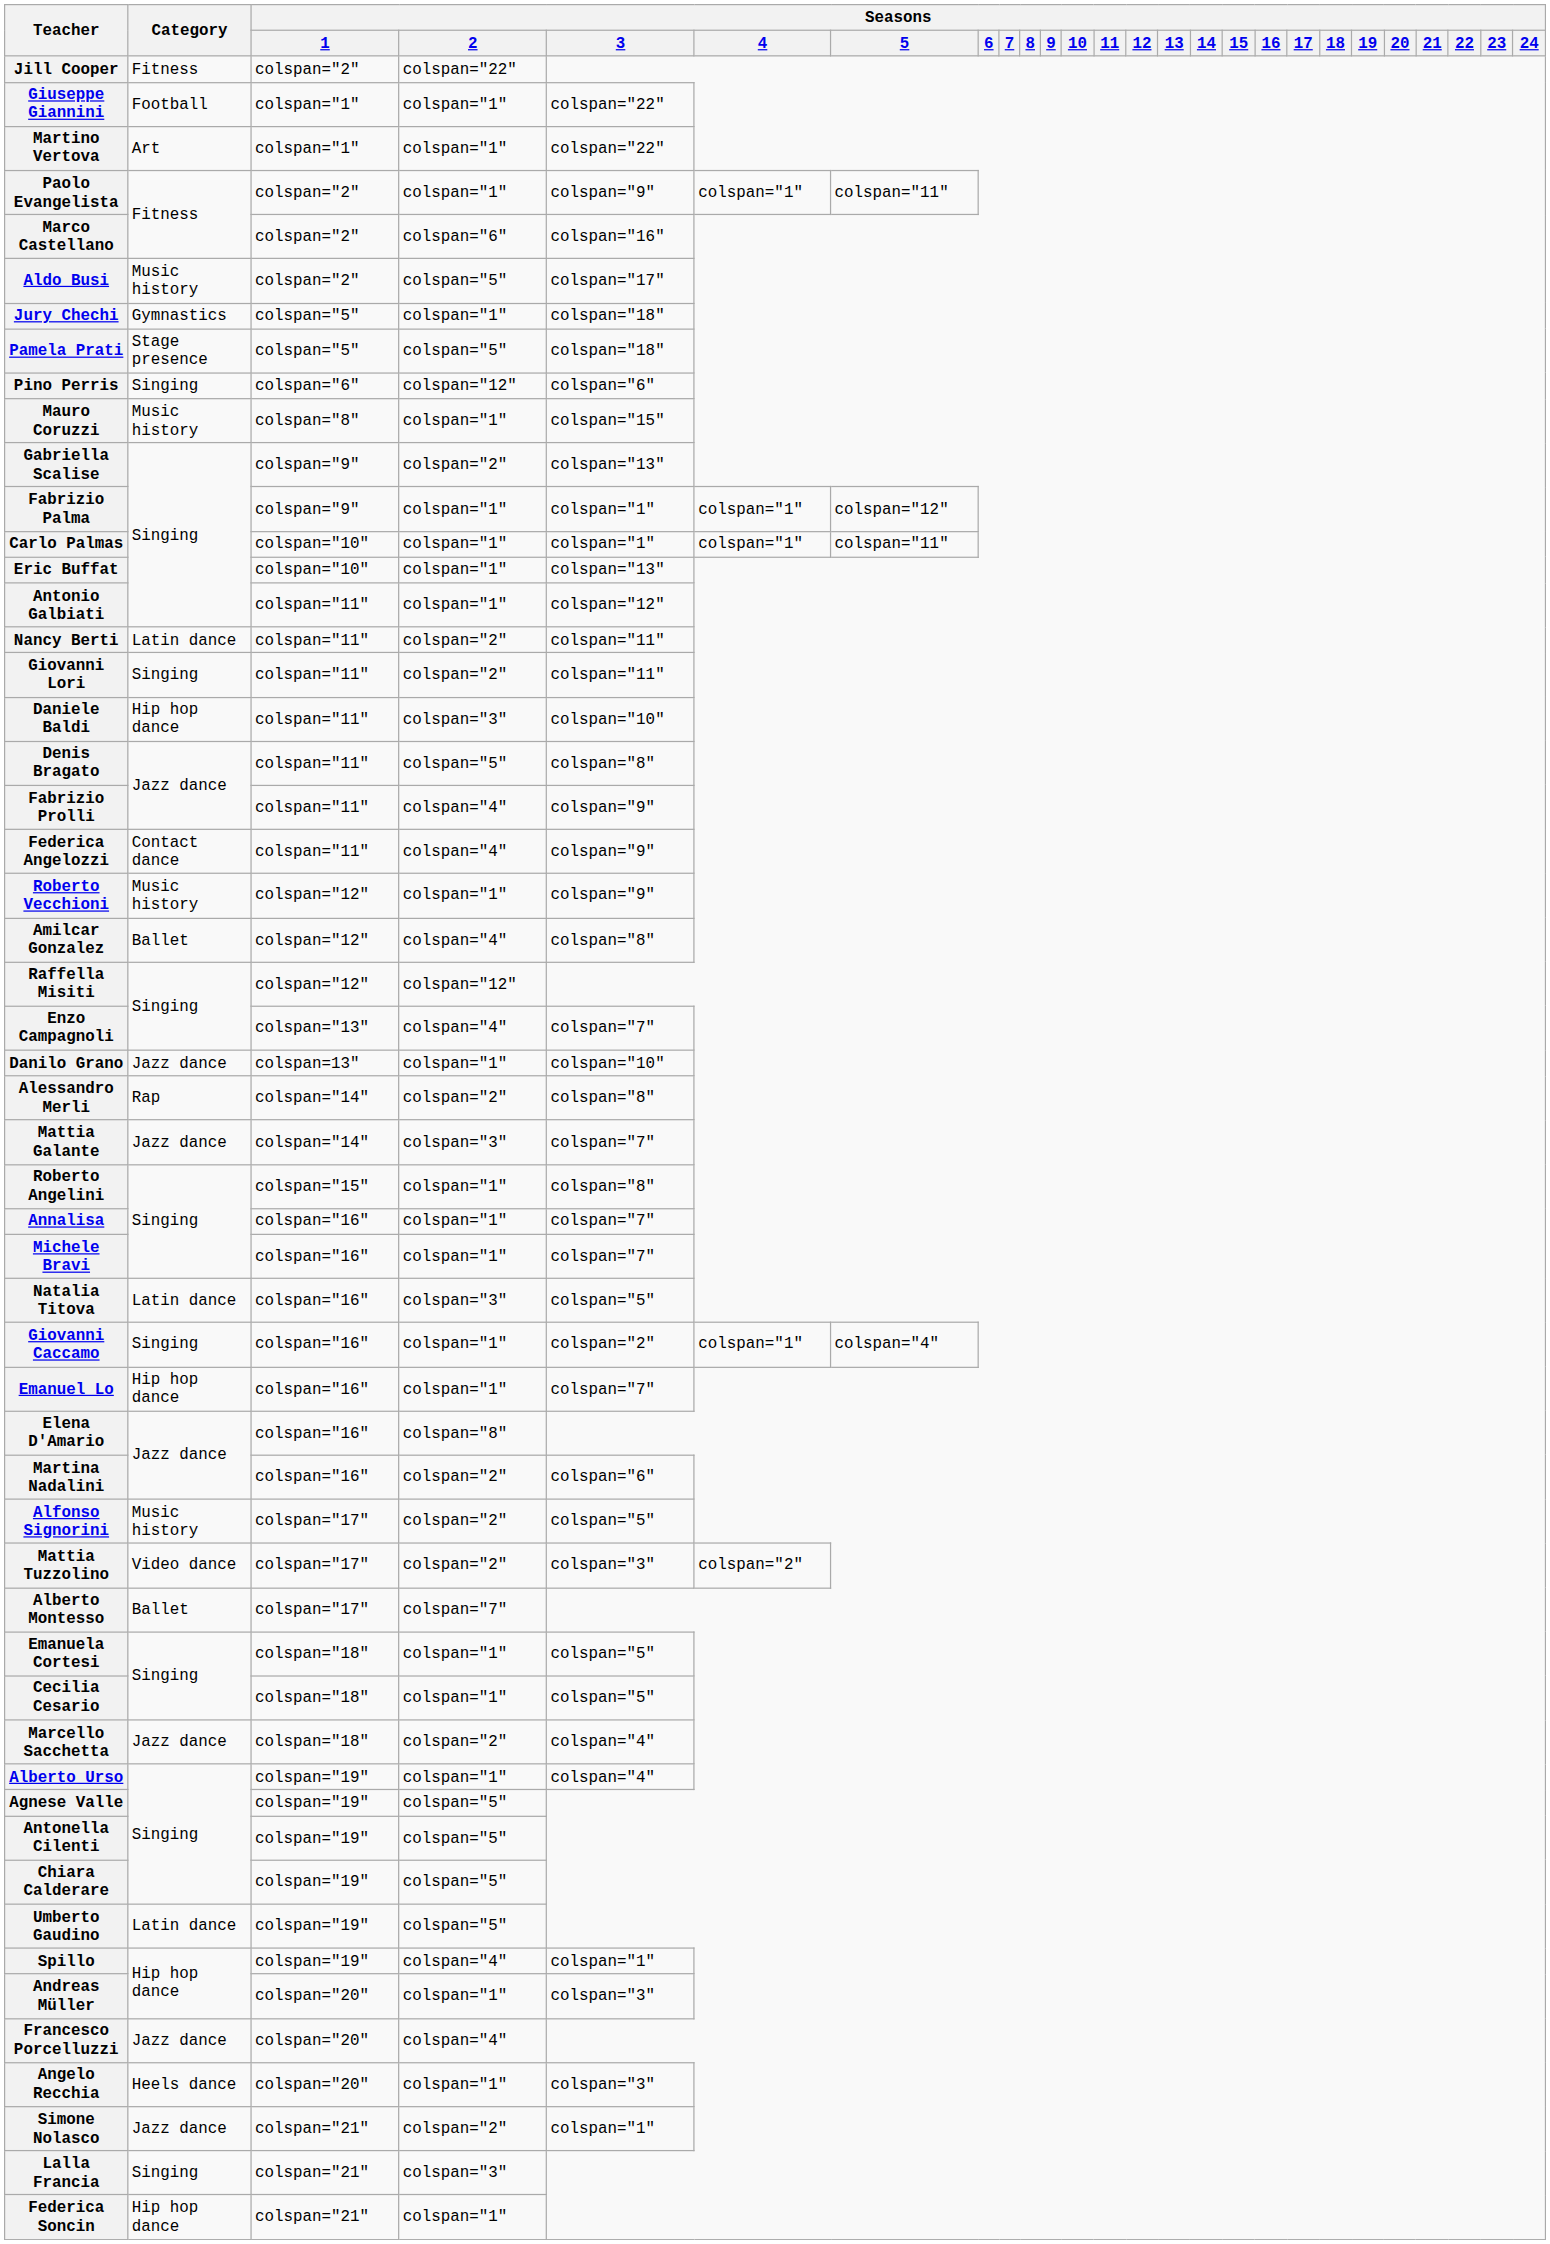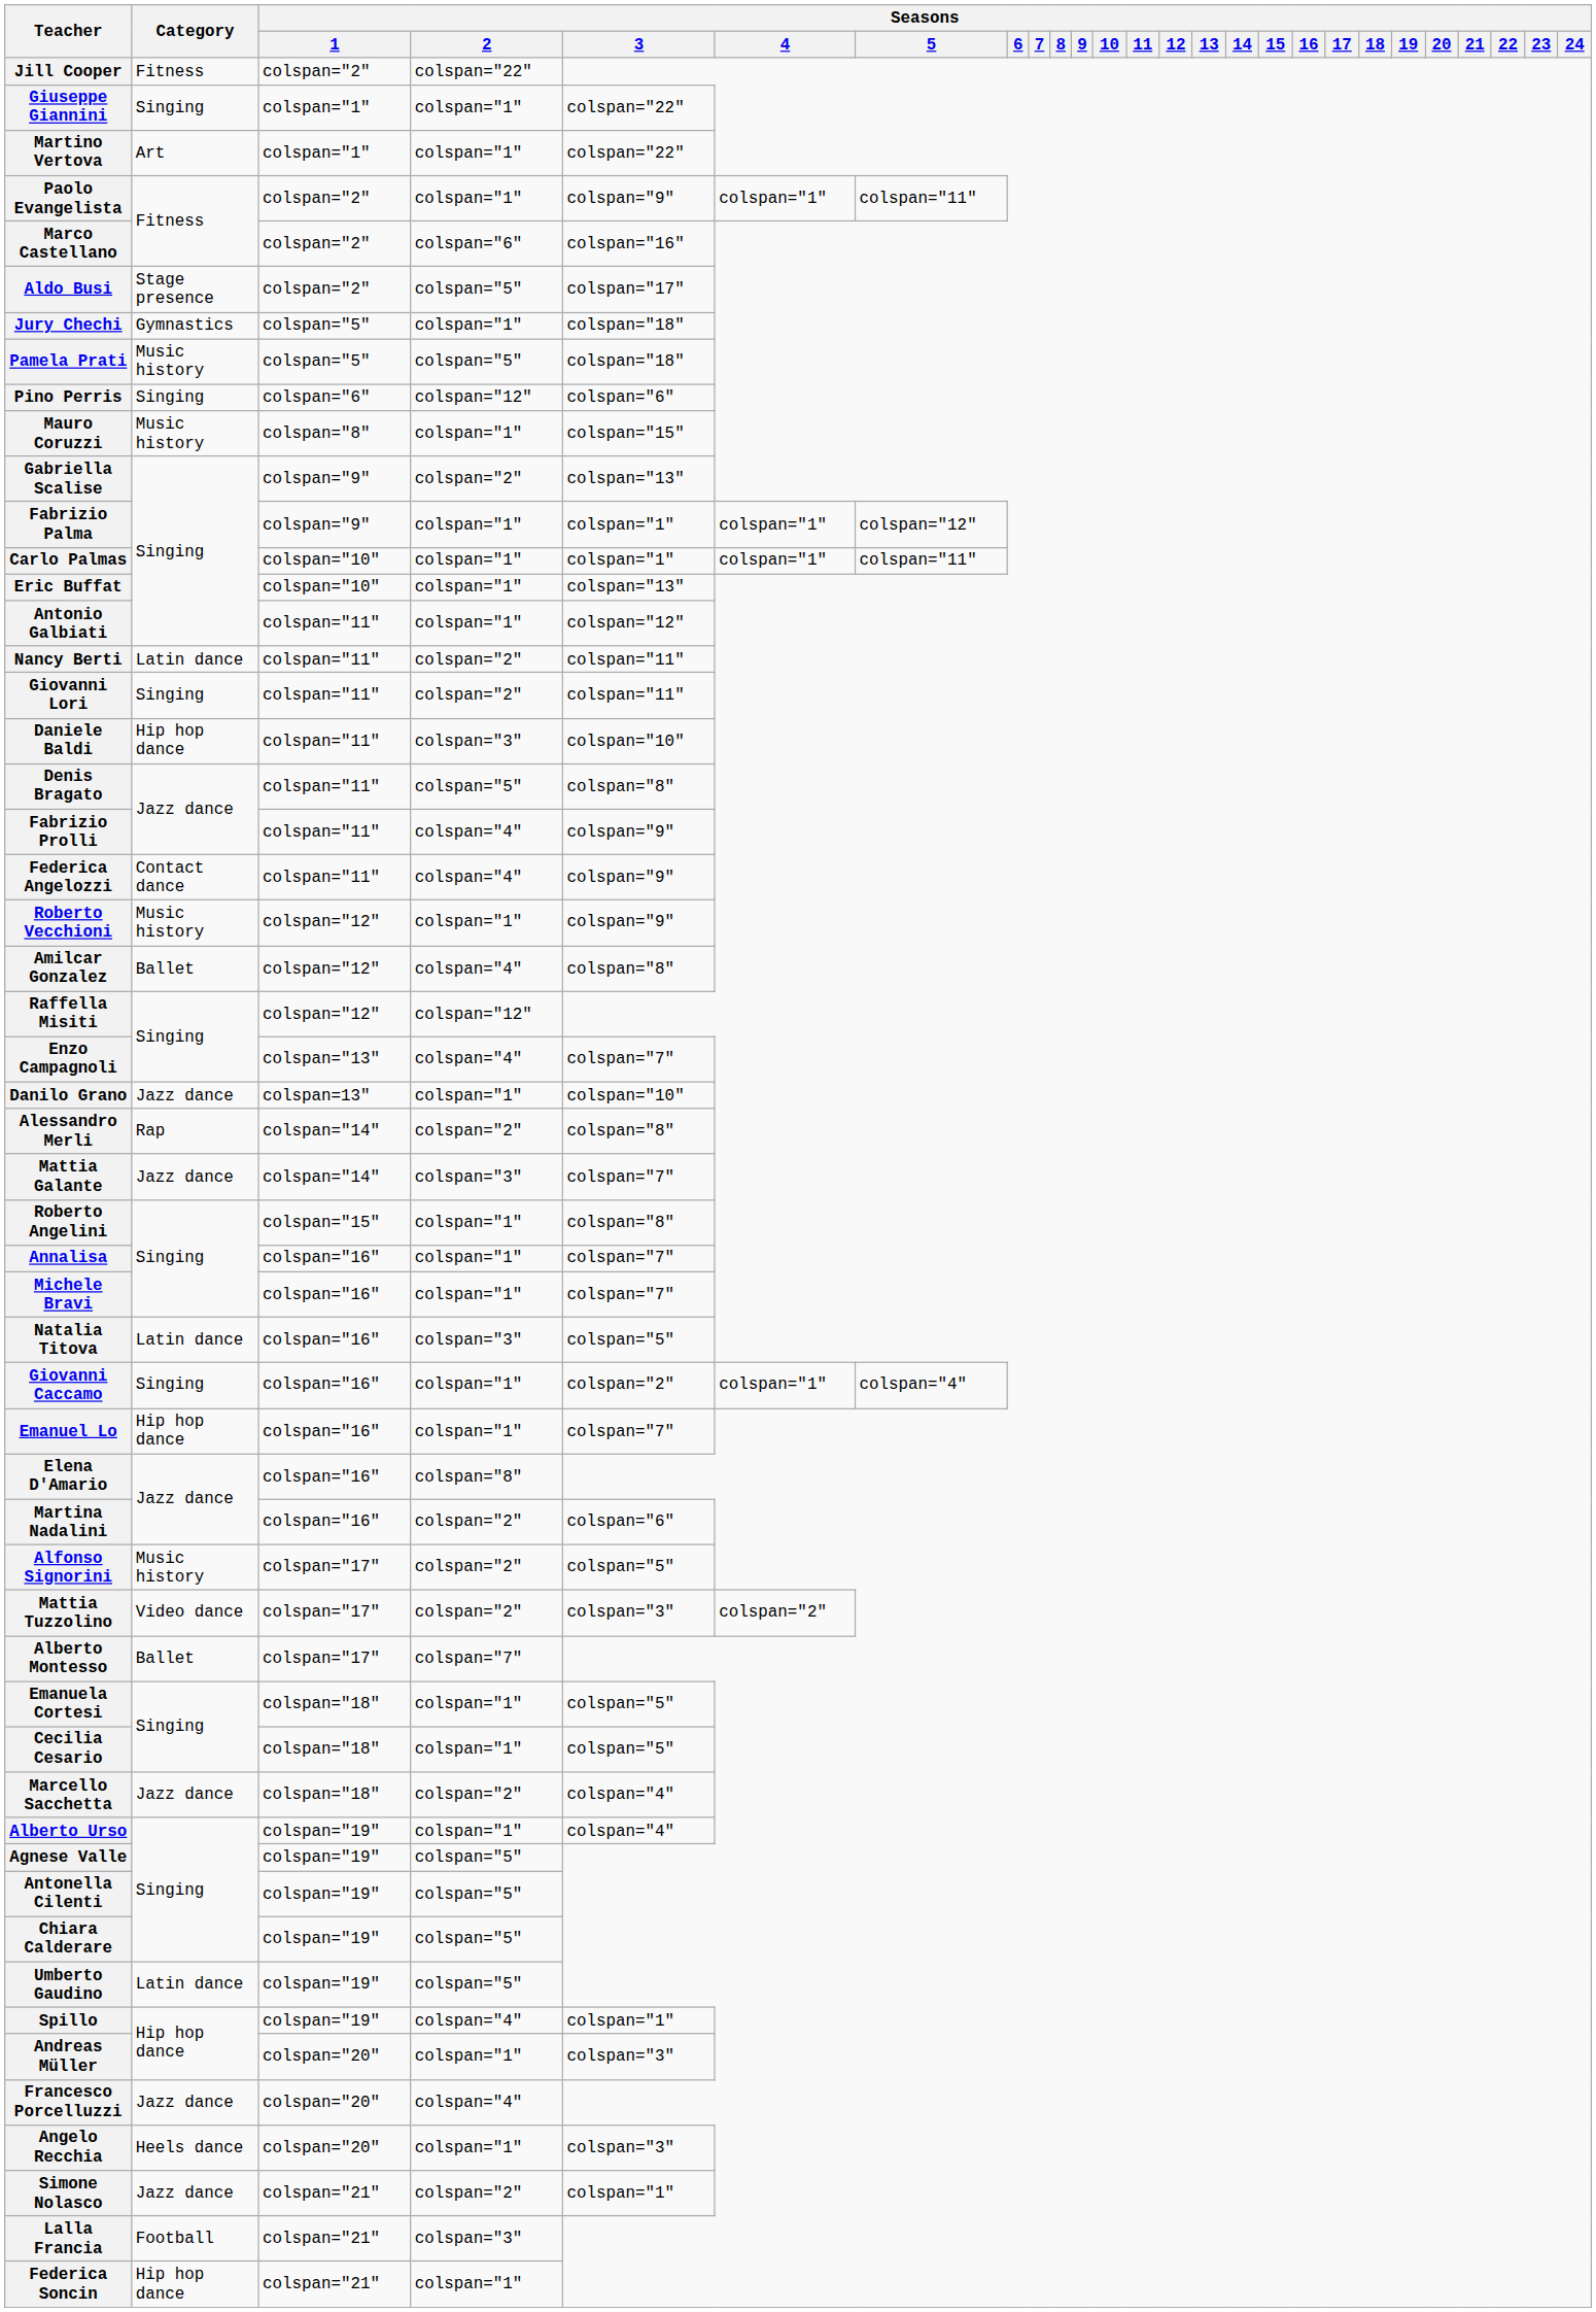 <table class="wikitable plainrowheaders collapsible mw-collapsible nowrap" style="width:100%" style="text-align:center">
 <tr>
 <th rowspan="2" style="width:08%">Teacher</th>
 <th rowspan="2" style="width:08%">Category</th>
 <th colspan="24">Seasons</th>
 </tr>
 <tr>
 <th><a href='#'>1</a></th>
 <th><a href='#'>2</a></th>
 <th><a href='#'>3</a></th>
 <th><a href='#'>4</a></th>
 <th><a href='#'>5</a></th>
 <th><a href='#'>6</a></th>
 <th><a href='#'>7</a></th>
 <th><a href='#'>8</a></th>
 <th><a href='#'>9</a></th>
 <th><a href='#'>10</a></th>
 <th><a href='#'>11</a></th>
 <th><a href='#'>12</a></th>
 <th><a href='#'>13</a></th>
 <th><a href='#'>14</a></th>
 <th><a href='#'>15</a></th>
 <th><a href='#'>16</a></th>
 <th><a href='#'>17</a></th>
 <th><a href='#'>18</a></th>
 <th><a href='#'>19</a></th>
 <th><a href='#'>20</a></th>
 <th><a href='#'>21</a></th>
 <th><a href='#'>22</a></th>
 <th><a href='#'>23</a></th>
 <th><a href='#'>24</a></th>
 </tr>
 <tr>
 <th scope=row>Jill Cooper</th>
 <td>Fitness</td>
 <td>colspan="2" </td>
 <td>colspan="22" </td>
 </tr>
 <tr>
 <th scope=row><a href='#'>Giuseppe Giannini</a></th>
-<td>Football</td>
+<td>Singing</td>
 <td>colspan="1" </td>
 <td>colspan="1" </td>
 <td>colspan="22" </td>
 </tr>
 <tr>
 <th scope=row>Martino Vertova</th>
 <td>Art</td>
 <td>colspan="1" </td>
 <td>colspan="1" </td>
 <td>colspan="22" </td>
 </tr>
 <tr>
 <th scope=row>Paolo Evangelista</th>
 <td rowspan=2>Fitness</td>
 <td>colspan="2" </td>
 <td>colspan="1" </td>
 <td>colspan="9" </td>
 <td>colspan="1" </td>
 <td>colspan="11" </td>
 </tr>
 <tr>
 <th scope=row>Marco Castellano</th>
 <td>colspan="2" </td>
 <td>colspan="6" </td>
 <td>colspan="16" </td>
 </tr>
 <tr>
 <th scope=row><a href='#'>Aldo Busi</a></th>
-<td>Music history</td>
+<td>Stage presence</td>
 <td>colspan="2" </td>
 <td>colspan="5" </td>
 <td>colspan="17" </td>
 </tr>
 <tr>
 <th scope=row><a href='#'>Jury Chechi</a></th>
 <td>Gymnastics</td>
 <td>colspan="5" </td>
 <td>colspan="1" </td>
 <td>colspan="18" </td>
 </tr>
 <tr>
 <th scope=row><a href='#'>Pamela Prati</a></th>
-<td>Stage presence</td>
+<td>Music history</td>
 <td>colspan="5" </td>
 <td>colspan="5" </td>
 <td>colspan="18" </td>
 </tr>
 <tr>
 <th scope=row>Pino Perris</th>
 <td>Singing</td>
 <td>colspan="6" </td>
 <td>colspan="12" </td>
 <td>colspan="6" </td>
 </tr>
 <tr>
 <th scope=row>Mauro Coruzzi</th>
 <td>Music history</td>
 <td>colspan="8" </td>
 <td>colspan="1" </td>
 <td>colspan="15" </td>
 </tr>
 <tr>
 <th scope=row>Gabriella Scalise</th>
 <td rowspan=5>Singing</td>
 <td>colspan="9" </td>
 <td>colspan="2" </td>
 <td>colspan="13" </td>
 </tr>
 <tr>
 <th scope=row>Fabrizio Palma</th>
 <td>colspan="9" </td>
 <td>colspan="1" </td>
 <td>colspan="1" </td>
 <td>colspan="1" </td>
 <td>colspan="12" </td>
 </tr>
 <tr>
 <th scope=row>Carlo Palmas</th>
 <td>colspan="10" </td>
 <td>colspan="1" </td>
 <td>colspan="1" </td>
 <td>colspan="1" </td>
 <td>colspan="11" </td>
 </tr>
 <tr>
 <th scope=row>Eric Buffat</th>
 <td>colspan="10" </td>
 <td>colspan="1" </td>
 <td>colspan="13" </td>
 </tr>
 <tr>
 <th scope=row>Antonio Galbiati</th>
 <td>colspan="11" </td>
 <td>colspan="1" </td>
 <td>colspan="12" </td>
 </tr>
 <tr>
 <th scope=row>Nancy Berti</th>
 <td>Latin dance</td>
 <td>colspan="11" </td>
 <td>colspan="2" </td>
 <td>colspan="11" </td>
 </tr>
 <tr>
 <th scope=row>Giovanni Lori</th>
 <td>Singing</td>
 <td>colspan="11" </td>
 <td>colspan="2" </td>
 <td>colspan="11" </td>
 </tr>
 <tr>
 <th scope=row>Daniele Baldi</th>
 <td>Hip hop dance</td>
 <td>colspan="11" </td>
 <td>colspan="3" </td>
 <td>colspan="10" </td>
 </tr>
 <tr>
 <th scope=row>Denis Bragato</th>
 <td rowspan=2>Jazz dance</td>
 <td>colspan="11" </td>
 <td>colspan="5" </td>
 <td>colspan="8" </td>
 </tr>
 <tr>
 <th scope=row>Fabrizio Prolli</th>
 <td>colspan="11" </td>
 <td>colspan="4" </td>
 <td>colspan="9" </td>
 </tr>
 <tr>
 <th scope=row>Federica Angelozzi</th>
 <td>Contact dance</td>
 <td>colspan="11" </td>
 <td>colspan="4" </td>
 <td>colspan="9" </td>
 </tr>
 <tr>
 <th scope=row><a href='#'>Roberto Vecchioni</a></th>
 <td>Music history</td>
 <td>colspan="12" </td>
 <td>colspan="1" </td>
 <td>colspan="9" </td>
 </tr>
 <tr>
 <th scope=row>Amilcar Gonzalez</th>
 <td>Ballet</td>
 <td>colspan="12" </td>
 <td>colspan="4" </td>
 <td>colspan="8" </td>
 </tr>
 <tr>
 <th scope=row>Raffella Misiti</th>
 <td rowspan=2>Singing</td>
 <td>colspan="12" </td>
 <td>colspan="12" </td>
 </tr>
 <tr>
 <th scope=row>Enzo Campagnoli</th>
 <td>colspan="13" </td>
 <td>colspan="4" </td>
 <td>colspan="7" </td>
 </tr>
 <tr>
 <th scope=row>Danilo Grano</th>
 <td>Jazz dance</td>
 <td>colspan=13" </td>
 <td>colspan="1" </td>
 <td>colspan="10" </td>
 </tr>
 <tr>
 <th scope=row>Alessandro Merli</th>
 <td>Rap</td>
 <td>colspan="14" </td>
 <td>colspan="2" </td>
 <td>colspan="8" </td>
 </tr>
 <tr>
 <th scope=row>Mattia Galante</th>
 <td>Jazz dance</td>
 <td>colspan="14" </td>
 <td>colspan="3" </td>
 <td>colspan="7" </td>
 </tr>
 <tr>
 <th scope=row>Roberto Angelini</th>
 <td rowspan=3>Singing</td>
 <td>colspan="15" </td>
 <td>colspan="1" </td>
 <td>colspan="8" </td>
 </tr>
 <tr>
 <th scope=row><a href='#'>Annalisa</a></th>
 <td>colspan="16" </td>
 <td>colspan="1" </td>
 <td>colspan="7" </td>
 </tr>
 <tr>
 <th scope=row><a href='#'>Michele Bravi</a></th>
 <td>colspan="16" </td>
 <td>colspan="1" </td>
 <td>colspan="7" </td>
 </tr>
 <tr>
 <th scope=row>Natalia Titova</th>
 <td>Latin dance</td>
 <td>colspan="16" </td>
 <td>colspan="3" </td>
 <td>colspan="5" </td>
 </tr>
 <tr>
 <th scope=row><a href='#'>Giovanni Caccamo</a></th>
 <td>Singing</td>
 <td>colspan="16" </td>
 <td>colspan="1" </td>
 <td>colspan="2" </td>
 <td>colspan="1" </td>
 <td>colspan="4" </td>
 </tr>
 <tr>
 <th scope=row><a href='#'>Emanuel Lo</a></th>
 <td>Hip hop dance</td>
 <td>colspan="16" </td>
 <td>colspan="1" </td>
 <td>colspan="7" </td>
 </tr>
 <tr>
 <th scope=row>Elena D'Amario</th>
 <td rowspan=2>Jazz dance</td>
 <td>colspan="16" </td>
 <td>colspan="8" </td>
 </tr>
 <tr>
 <th scope=row>Martina Nadalini</th>
 <td>colspan="16" </td>
 <td>colspan="2" </td>
 <td>colspan="6" </td>
 </tr>
 <tr>
 <th scope=row><a href='#'>Alfonso Signorini</a></th>
 <td>Music history</td>
 <td>colspan="17" </td>
 <td>colspan="2" </td>
 <td>colspan="5" </td>
 </tr>
 <tr>
 <th scope=row>Mattia Tuzzolino</th>
 <td>Video dance</td>
 <td>colspan="17" </td>
 <td>colspan="2" </td>
 <td>colspan="3" </td>
 <td>colspan="2" </td>
 </tr>
 <tr>
 <th scope=row>Alberto Montesso</th>
 <td>Ballet</td>
 <td>colspan="17" </td>
 <td>colspan="7" </td>
 </tr>
 <tr>
 <th scope=row>Emanuela Cortesi</th>
 <td rowspan=2>Singing</td>
 <td>colspan="18" </td>
 <td>colspan="1" </td>
 <td>colspan="5" </td>
 </tr>
 <tr>
 <th scope=row>Cecilia Cesario</th>
 <td>colspan="18" </td>
 <td>colspan="1" </td>
 <td>colspan="5" </td>
 </tr>
 <tr>
 <th scope=row>Marcello Sacchetta</th>
 <td>Jazz dance</td>
 <td>colspan="18" </td>
 <td>colspan="2" </td>
 <td>colspan="4" </td>
 </tr>
 <tr>
 <th scope=row><a href='#'>Alberto Urso</a></th>
 <td rowspan=4>Singing</td>
 <td>colspan="19" </td>
 <td>colspan="1" </td>
 <td>colspan="4" </td>
 </tr>
 <tr>
 <th scope=row>Agnese Valle</th>
 <td>colspan="19" </td>
 <td>colspan="5" </td>
 </tr>
 <tr>
 <th scope=row>Antonella Cilenti</th>
 <td>colspan="19" </td>
 <td>colspan="5" </td>
 </tr>
 <tr>
 <th scope=row>Chiara Calderare</th>
 <td>colspan="19" </td>
 <td>colspan="5" </td>
 </tr>
 <tr>
 <th scope=row>Umberto Gaudino</th>
 <td>Latin dance</td>
 <td>colspan="19" </td>
 <td>colspan="5" </td>
 </tr>
 <tr>
 <th scope=row>Spillo</th>
 <td rowspan=2>Hip hop dance</td>
 <td>colspan="19" </td>
 <td>colspan="4" </td>
 <td>colspan="1" </td>
 </tr>
 <tr>
 <th scope=row>Andreas Müller</th>
 <td>colspan="20" </td>
 <td>colspan="1" </td>
 <td>colspan="3" </td>
 </tr>
 <tr>
 <th scope=row>Francesco Porcelluzzi</th>
 <td>Jazz dance</td>
 <td>colspan="20" </td>
 <td>colspan="4" </td>
 </tr>
 <tr>
 <th scope=row>Angelo Recchia</th>
 <td>Heels dance</td>
 <td>colspan="20" </td>
 <td>colspan="1" </td>
 <td>colspan="3" </td>
 </tr>
 <tr>
 <th scope=row>Simone Nolasco</th>
 <td>Jazz dance</td>
 <td>colspan="21" </td>
 <td>colspan="2" </td>
 <td>colspan="1" </td>
 </tr>
 <tr>
 <th scope=row>Lalla Francia</th>
-<td>Singing</td>
+<td>Football</td>
 <td>colspan="21" </td>
 <td>colspan="3" </td>
 </tr>
 <tr>
 <th scope=row>Federica Soncin</th>
 <td>Hip hop dance</td>
 <td>colspan="21" </td>
 <td>colspan="1" </td>
 </tr>
 </table>
